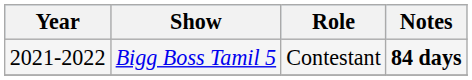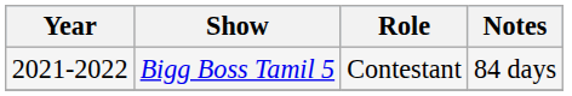 <table class="wikitable sortable" style="background:#f5f5f5;">
 <tr style="background:#B0C4DE;">
 <th>Year</th>
 <th>Show</th>
 <th>Role</th>
 <th class=unsortable>Notes</th>
 </tr>
 <tr>
 <td>2021-2022</td>
 <td><a href='#'><em>Bigg Boss Tamil 5</em></a></td>
 <td>Contestant</td>
-<td><strong>84 days</strong></td>
+<td>84 days</td>
 </tr>
 <tr>
 </tr>
 <tr>
 </tr>
 </table>
